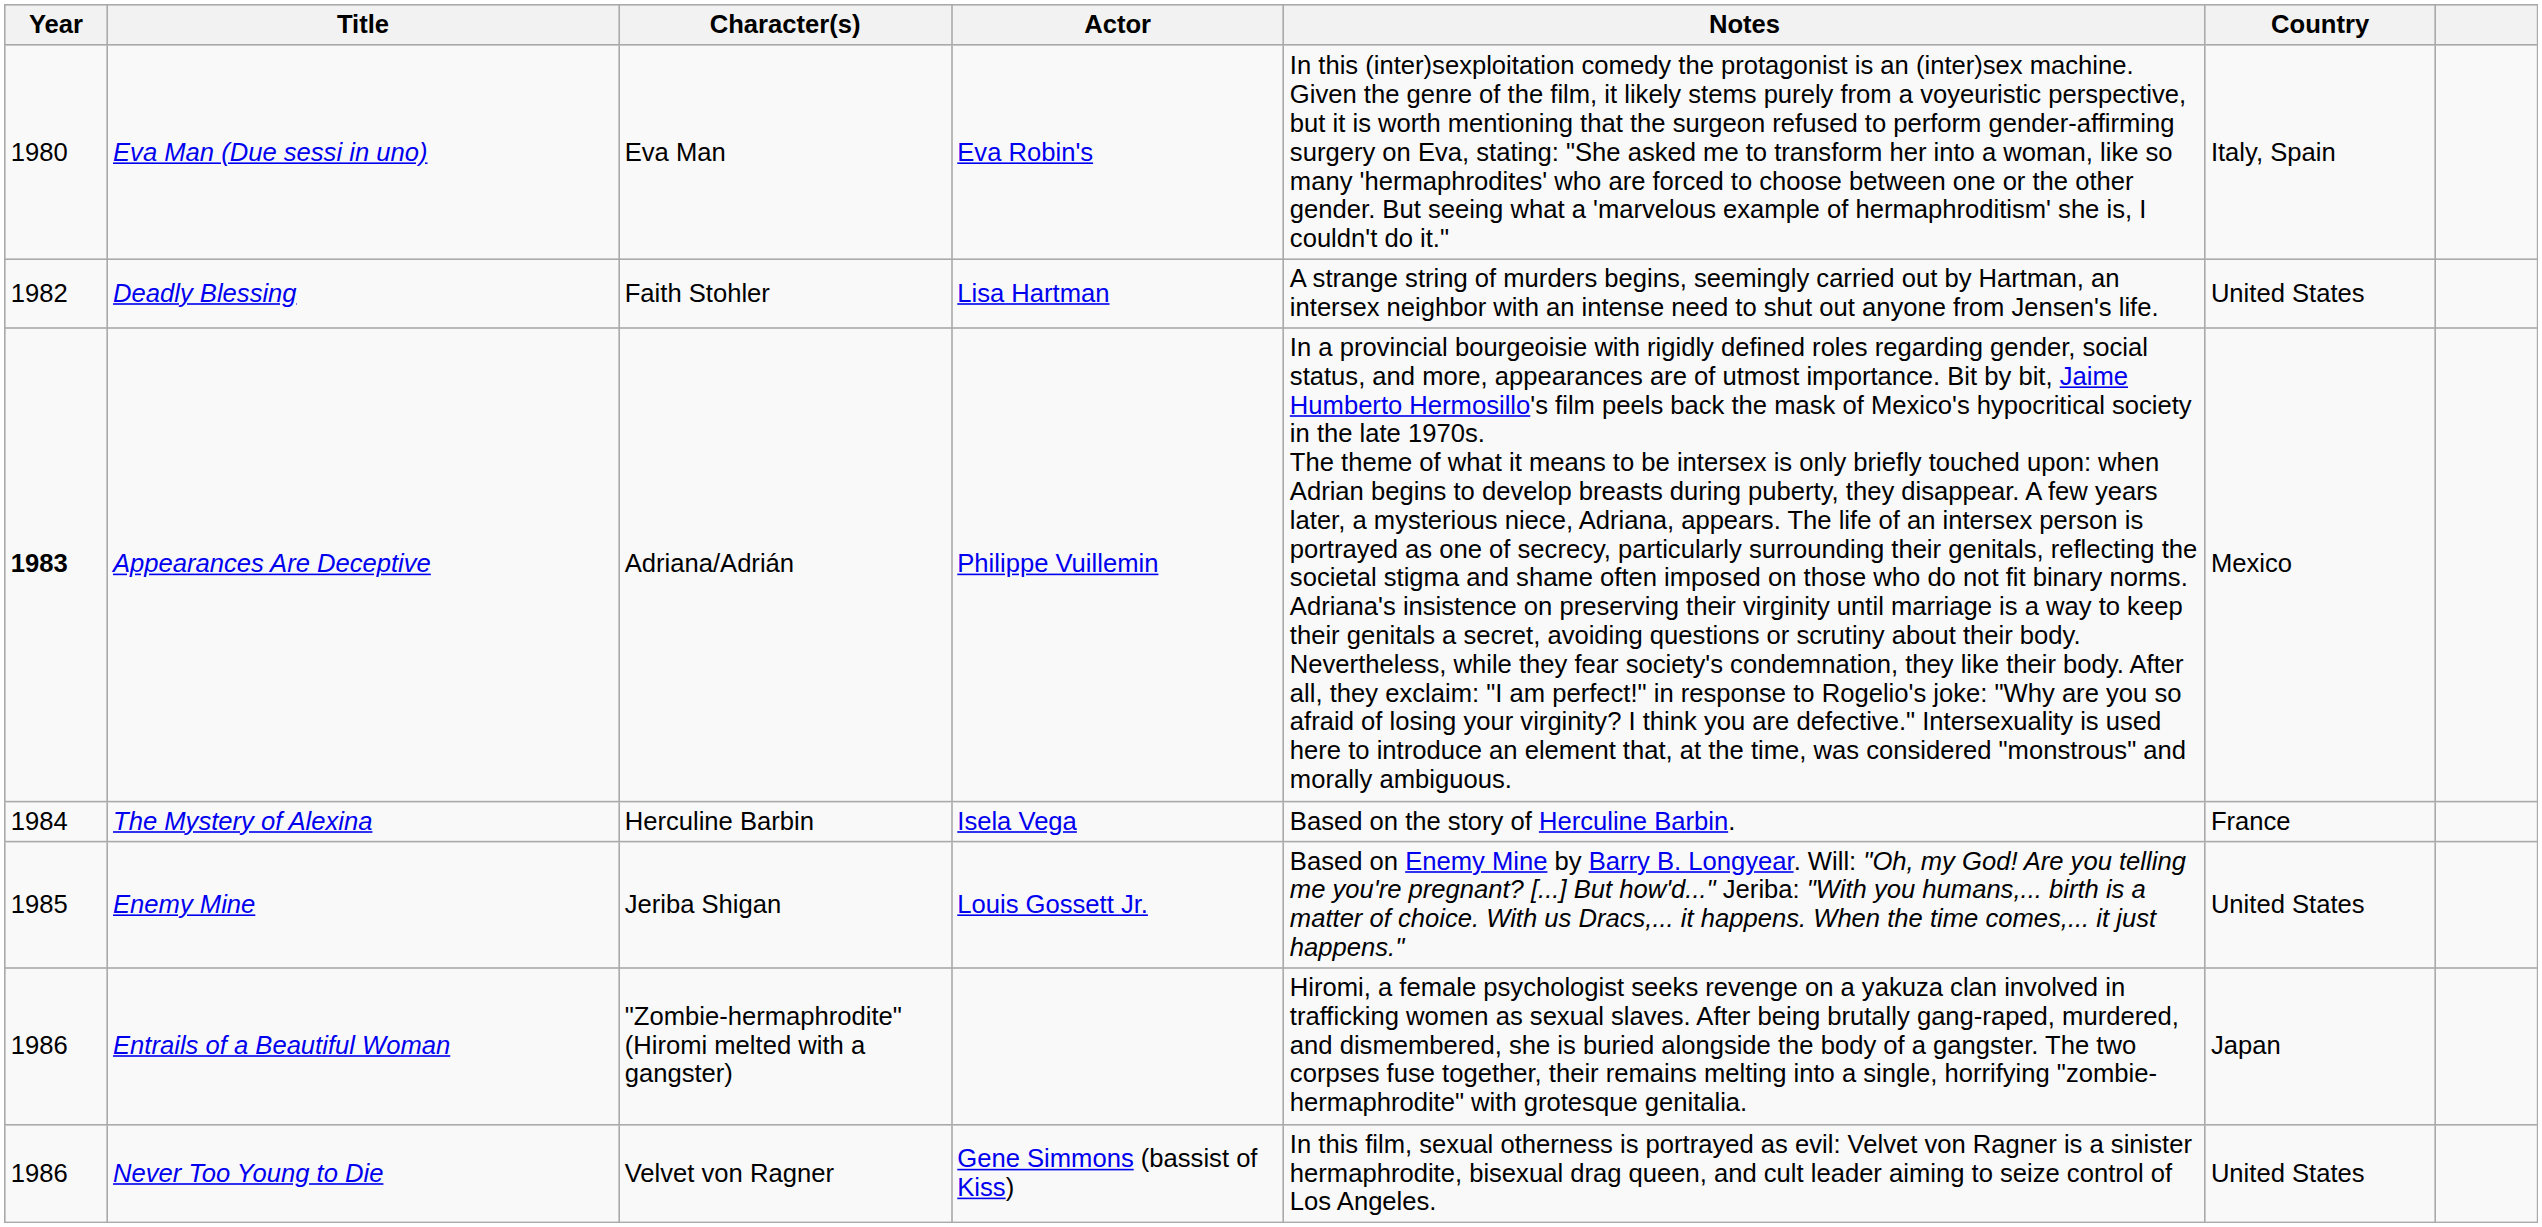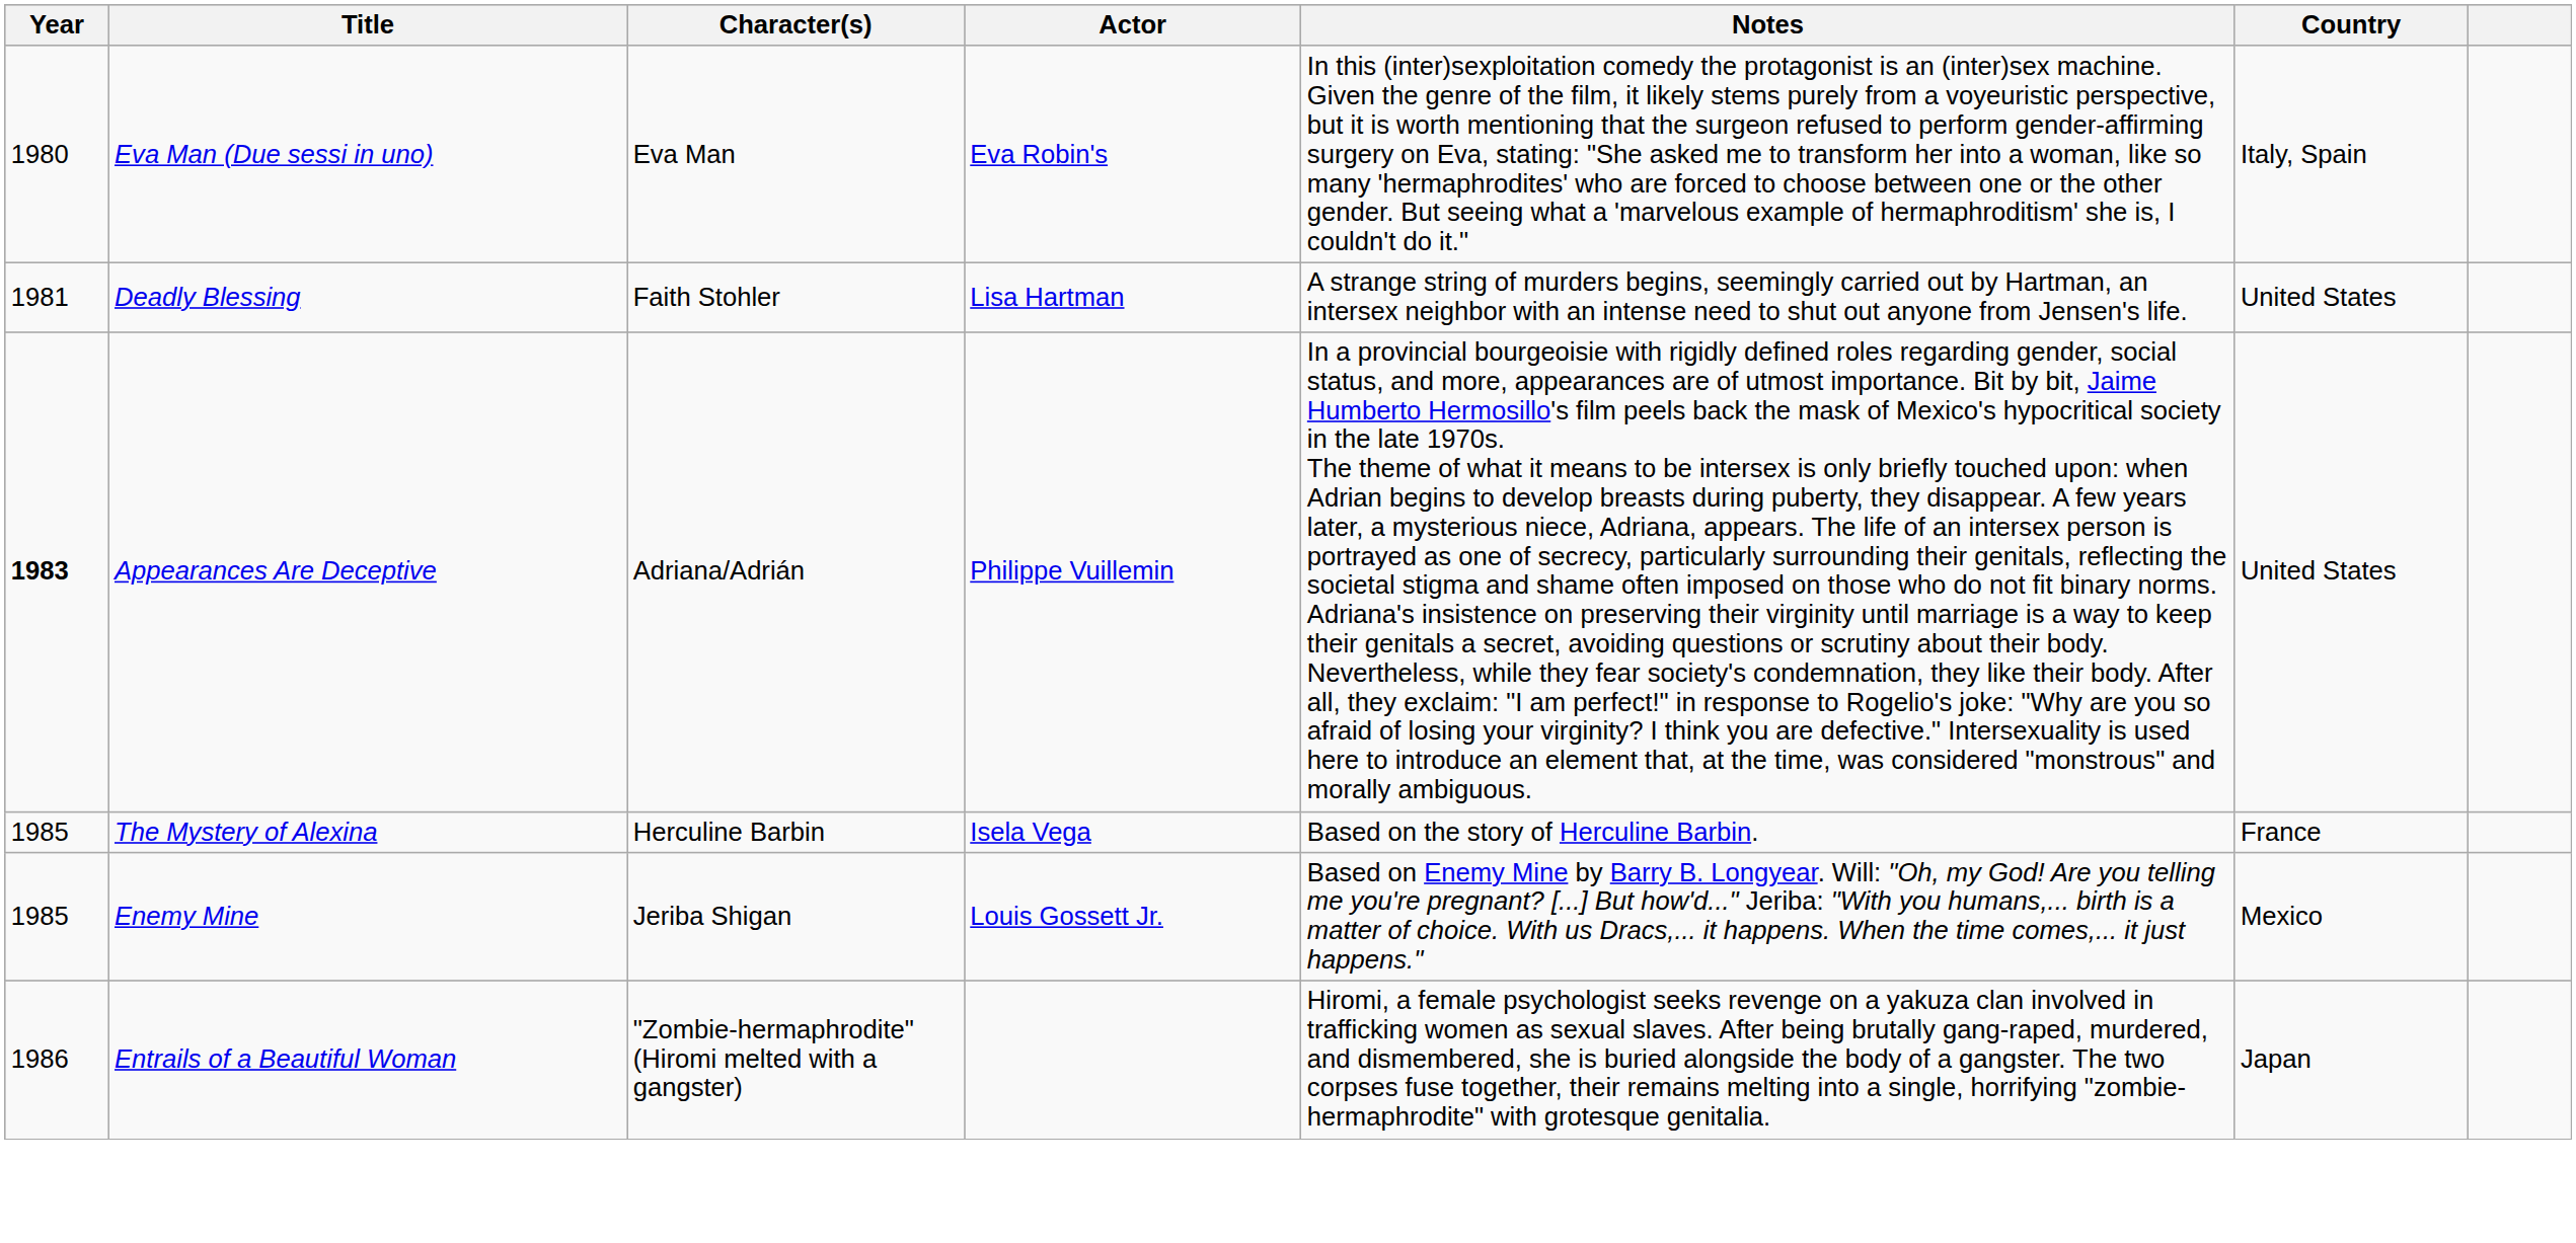 <table class="wikitable sortable" style="width: 100%">
 <tr>
 <th style="width:4%;">Year</th>
 <th style="width:20%;">Title</th>
 <th style="width:13%;">Character(s)</th>
 <th style="width:13%;">Actor</th>
 <th style="width:36%;">Notes</th>
 <th style="width:9%;">Country</th>
 <th style="width:4%;" class="unsortable"></th>
 </tr>
 <tr>
 <td>1980</td>
 <td><em><a href='#'>Eva Man (Due sessi in uno)</a></em></td>
 <td>Eva Man</td>
 <td><a href='#'>Eva Robin's</a></td>
 <td>In this (inter)sexploitation comedy the protagonist is an (inter)sex machine.<br>Given the genre of the film, it likely stems purely from a voyeuristic perspective, but it is worth mentioning that the surgeon refused to perform gender-affirming surgery on Eva, stating: "She asked me to transform her into a woman, like so many 'hermaphrodites' who are forced to choose between one or the other gender. But seeing what a 'marvelous example of hermaphroditism' she is, I couldn't do it."</td>
 <td>Italy, Spain</td>
 <td></td>
 </tr>
 <tr>
-<td>1982</td>
+<td>1981</td>
 <td><em><a href='#'>Deadly Blessing</a></em></td>
 <td>Faith Stohler</td>
 <td><a href='#'>Lisa Hartman</a></td>
 <td>A strange string of murders begins, seemingly carried out by Hartman, an intersex neighbor with an intense need to shut out anyone from Jensen's life.</td>
 <td>United States</td>
 <td></td>
 </tr>
 <tr>
 <td><strong>1983</strong></td>
 <td><em><a href='#'>Appearances Are Deceptive</a></em></td>
 <td>Adriana/Adrián</td>
 <td><a href='#'>Philippe Vuillemin</a></td>
 <td>In a provincial bourgeoisie with rigidly defined roles regarding gender, social status, and more, appearances are of utmost importance. Bit by bit, <a href='#'>Jaime Humberto Hermosillo</a>'s film peels back the mask of Mexico's hypocritical society in the late 1970s.<br>The theme of what it means to be intersex is only briefly touched upon: when Adrian begins to develop breasts during puberty, they disappear. A few years later, a mysterious niece, Adriana, appears. The life of an intersex person is portrayed as one of secrecy, particularly surrounding their genitals, reflecting the societal stigma and shame often imposed on those who do not fit binary norms. Adriana's insistence on preserving their virginity until marriage is a way to keep their genitals a secret, avoiding questions or scrutiny about their body. Nevertheless, while they fear society's condemnation, they like their body. After all, they exclaim: "I am perfect!" in response to Rogelio's joke: "Why are you so afraid of losing your virginity? I think you are defective." Intersexuality is used here to introduce an element that, at the time, was considered "monstrous" and morally ambiguous.</td>
-<td>Mexico</td>
+<td>United States</td>
 <td></td>
 </tr>
 <tr>
-<td>1984</td>
+<td>1985</td>
 <td><em><a href='#'>The Mystery of Alexina</a></em></td>
 <td>Herculine Barbin</td>
 <td><a href='#'>Isela Vega</a></td>
 <td>Based on the story of <a href='#'>Herculine Barbin</a>.</td>
 <td>France</td>
 <td></td>
 </tr>
 <tr>
 <td>1985</td>
 <td><em><a href='#'>Enemy Mine</a></em></td>
 <td>Jeriba Shigan</td>
 <td><a href='#'>Louis Gossett Jr.</a></td>
 <td>Based on <a href='#'>Enemy Mine</a> by <a href='#'>Barry B. Longyear</a>. Will: <em>"Oh, my God! Are you telling me you're pregnant? [...] But how'd..."</em> Jeriba: <em>"With you humans,... birth is a matter of choice. With us Dracs,... it happens. When the time comes,... it just happens."</em></td>
-<td>United States</td>
+<td>Mexico</td>
 <td></td>
 </tr>
 <tr>
 <td>1986</td>
 <td><em><a href='#'>Entrails of a Beautiful Woman</a></em></td>
 <td>"Zombie-hermaphrodite" (Hiromi melted with a gangster)</td>
 <td></td>
 <td>Hiromi, a female psychologist seeks revenge on a yakuza clan involved in trafficking women as sexual slaves. After being brutally gang-raped, murdered, and dismembered, she is buried alongside the body of a gangster. The two corpses fuse together, their remains melting into a single, horrifying "zombie-hermaphrodite" with grotesque genitalia.</td>
 <td>Japan</td>
 <td></td>
 </tr>
-<tr>
-<td>1986</td>
-<td><em><a href='#'>Never Too Young to Die</a></em></td>
-<td>Velvet von Ragner</td>
-<td><a href='#'>Gene Simmons</a> (bassist of <a href='#'>Kiss</a>)</td>
-<td>In this film, sexual otherness is portrayed as evil: Velvet von Ragner is a sinister hermaphrodite, bisexual drag queen, and cult leader aiming to seize control of Los Angeles.</td>
-<td>United States</td>
-<td></td>
-</tr>
 </table>
